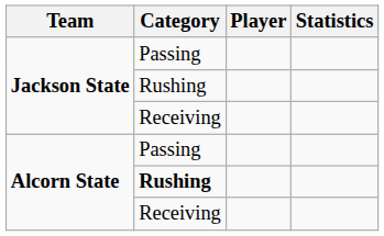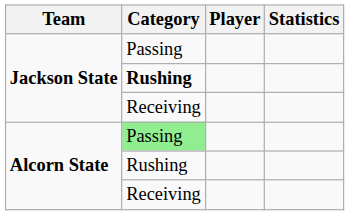 <table class="wikitable" style="float: right;">
 <tr>
 <th>Team</th>
 <th>Category</th>
 <th>Player</th>
 <th>Statistics</th>
 </tr>
 <tr>
 <td rowspan=3><strong>Jackson State</strong></td>
 <td>Passing</td>
 <td></td>
 <td></td>
 </tr>
 <tr>
-<td>Rushing</td>
+<td><strong>Rushing</strong></td>
 <td></td>
 <td></td>
 </tr>
 <tr>
 <td>Receiving</td>
 <td></td>
 <td></td>
 </tr>
 <tr>
 <td rowspan=3><strong>Alcorn State</strong></td>
-<td>Passing</td>
+<td style="background: lightgreen;">Passing</td>
 <td></td>
 <td></td>
 </tr>
 <tr>
-<td><strong>Rushing</strong></td>
+<td>Rushing</td>
 <td></td>
 <td></td>
 </tr>
 <tr>
 <td>Receiving</td>
 <td></td>
 <td></td>
 </tr>
 </table>
